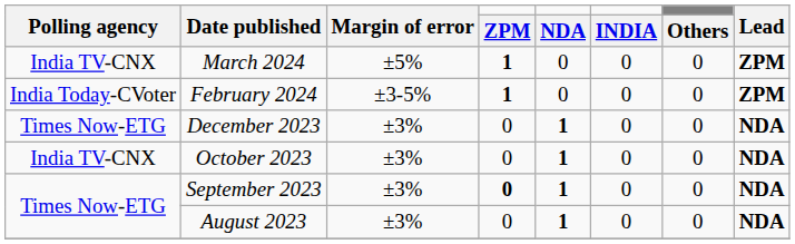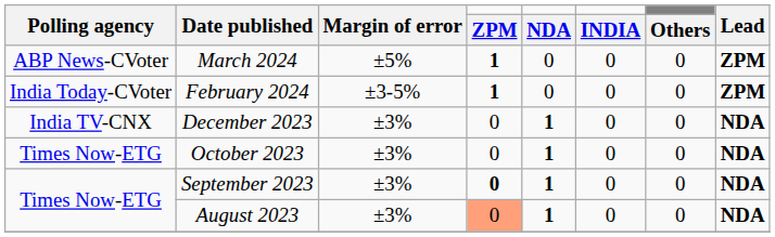 <table class="wikitable sortable" style="text-align:center;font-size:95%;line-height:16px">
 <tr>
 <th rowspan="2">Polling agency</th>
 <th rowspan="2">Date published</th>
 <th rowspan="2">Margin of error</th>
 <td></td>
 <td></td>
 <td bgcolor=></td>
 <td bgcolor=grey></td>
 <th rowspan="2">Lead</th>
 </tr>
 <tr>
 <th><a href='#'>ZPM</a></th>
 <th><a href='#'>NDA</a></th>
 <th><a href='#'>INDIA</a></th>
 <th>Others</th>
 </tr>
 <tr>
-<td><a href='#'>India TV</a>-CNX</td>
+<td><a href='#'>ABP News</a>-CVoter</td>
 <td><em>March 2024</em></td>
 <td>±5%</td>
 <td><strong>1</strong></td>
 <td>0</td>
 <td>0</td>
 <td>0</td>
 <td bgcolor=><strong>ZPM</strong></td>
 </tr>
 <tr>
 <td><a href='#'>India Today</a>-CVoter</td>
 <td><em>February 2024</em></td>
 <td>±3-5%</td>
 <td><strong>1</strong></td>
 <td>0</td>
 <td>0</td>
 <td>0</td>
 <td bgcolor=><strong>ZPM</strong></td>
 </tr>
 <tr>
-<td><a href='#'>Times Now</a>-<a href='#'>ETG</a></td>
+<td><a href='#'>India TV</a>-CNX</td>
 <td><em>December 2023</em></td>
 <td>±3%</td>
 <td>0</td>
 <td><strong>1</strong></td>
 <td>0</td>
 <td>0</td>
 <td bgcolor=><strong>NDA</strong></td>
 </tr>
 <tr>
-<td><a href='#'>India TV</a>-CNX</td>
+<td><a href='#'>Times Now</a>-<a href='#'>ETG</a></td>
 <td><em>October 2023</em></td>
 <td>±3%</td>
 <td>0</td>
 <td><strong>1</strong></td>
 <td>0</td>
 <td>0</td>
 <td bgcolor=><strong>NDA</strong></td>
 </tr>
 <tr>
 <td rowspan="2"><a href='#'>Times Now</a>-<a href='#'>ETG</a></td>
 <td><em>September 2023</em></td>
 <td>±3%</td>
 <td><strong>0</strong></td>
 <td><strong>1</strong></td>
 <td>0</td>
 <td>0</td>
 <td bgcolor=><strong>NDA</strong></td>
 </tr>
 <tr>
 <td><em>August 2023</em></td>
 <td>±3%</td>
-<td>0</td>
+<td style="background: lightsalmon;">0</td>
 <td><strong>1</strong></td>
 <td>0</td>
 <td>0</td>
 <td bgcolor=><strong>NDA</strong></td>
 </tr>
 <tr>
 </tr>
 </table>
